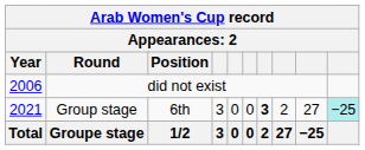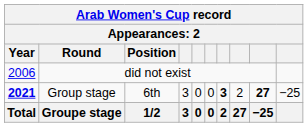 <table class="wikitable" style="text-align: center;font-size:90%;">
 <tr>
 <th colspan=10><a href='#'>Arab Women's Cup</a> record</th>
 </tr>
 <tr>
 <th colspan=10>Appearances: 2</th>
 </tr>
 <tr>
 <th>Year</th>
 <th>Round</th>
 <th>Position</th>
 <th></th>
 <th></th>
 <th></th>
 <th></th>
 <th></th>
 <th></th>
 <th></th>
 </tr>
 <tr>
 <td> <a href='#'>2006</a></td>
 <td colspan=8>did not exist</td>
 </tr>
 <tr>
-<td> <a href='#'>2021</a></td>
+<td><strong> <a href='#'>2021</a></strong></td>
 <td>Group stage</td>
 <td>6th</td>
 <td>3</td>
 <td>0</td>
 <td>0</td>
 <td><strong>3</strong></td>
 <td>2</td>
-<td>27</td>
-<td style="background: paleturquoise;">−25</td>
+<td><strong>27</strong></td>
+<td>−25</td>
 </tr>
 <tr>
 <th>Total</th>
 <th>Groupe stage</th>
 <th>1/2</th>
 <th>3</th>
 <th>0</th>
 <th>0</th>
 <th>2</th>
 <th>27</th>
 <th>−25</th>
 <th></th>
 </tr>
 </table>
